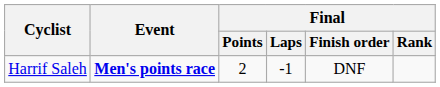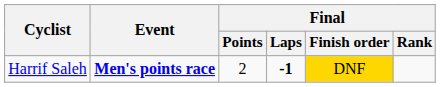 <table class="wikitable" style="font-size:90%">
 <tr>
 <th rowspan=2>Cyclist</th>
 <th rowspan=2>Event</th>
 <th colspan=4>Final</th>
 </tr>
 <tr style="font-size:95%">
 <th>Points</th>
 <th>Laps</th>
 <th>Finish order</th>
 <th>Rank</th>
 </tr>
 <tr align=center>
 <td align=left><a href='#'>Harrif Saleh</a></td>
 <td align=left><strong><a href='#'>Men's points race</a></strong></td>
 <td>2</td>
-<td>-1</td>
-<td>DNF</td>
+<td><strong>-1</strong></td>
+<td style="background: gold;">DNF</td>
 <td></td>
 </tr>
 </table>
